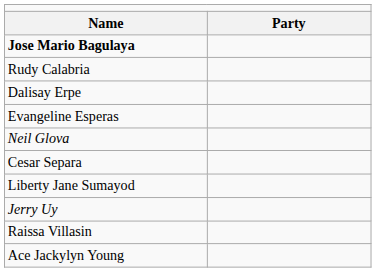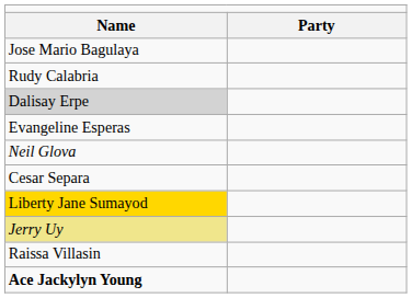 <table class="wikitable" style="font-size:90%">
 <tr>
 <td colspan="3"></td>
 </tr>
 <tr>
 <th width="200px">Name</th>
 <th colspan="2" width="160px">Party</th>
 </tr>
 <tr>
-<td><strong>Jose Mario Bagulaya</strong></td>
+<td>Jose Mario Bagulaya</td>
 <td></td>
 </tr>
 <tr>
 <td>Rudy Calabria</td>
 <td></td>
 </tr>
 <tr>
-<td>Dalisay Erpe</td>
+<td style="background: lightgrey;">Dalisay Erpe</td>
 <td></td>
 </tr>
 <tr>
 <td>Evangeline Esperas</td>
 <td></td>
 </tr>
 <tr>
 <td><em>Neil Glova</em></td>
 <td></td>
 </tr>
 <tr>
 <td>Cesar Separa</td>
 <td></td>
 </tr>
 <tr>
-<td>Liberty Jane Sumayod</td>
+<td style="background: gold;">Liberty Jane Sumayod</td>
 <td></td>
 </tr>
 <tr>
-<td><em>Jerry Uy</em></td>
+<td style="background: khaki;"><em>Jerry Uy</em></td>
 <td></td>
 </tr>
 <tr>
 <td>Raissa Villasin</td>
 <td></td>
 </tr>
 <tr>
-<td>Ace Jackylyn Young</td>
+<td><strong>Ace Jackylyn Young</strong></td>
 <td></td>
 </tr>
 </table>
